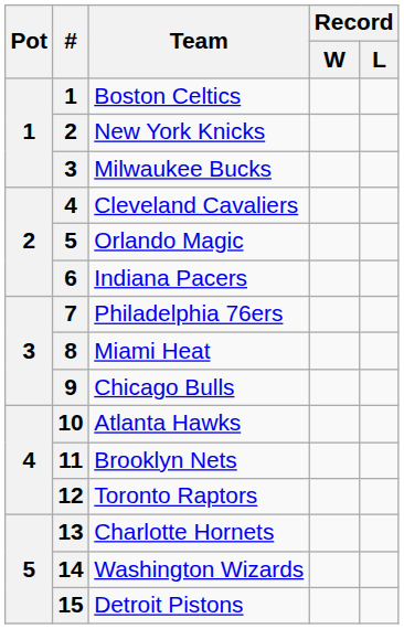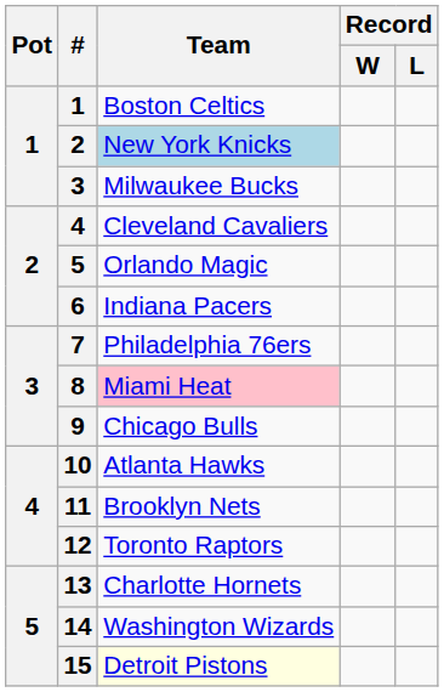 <table class="wikitable">
 <tr>
 <th scope="col" rowspan="2">Pot</th>
 <th rowspan="2" scope="col">#</th>
 <th rowspan="2" scope="col">Team</th>
 <th scope="colgroup" colspan="2">Record</th>
 </tr>
 <tr>
 <th scope="col">W</th>
 <th scope="col">L</th>
 </tr>
 <tr>
 <th rowspan="3">1</th>
 <th>1</th>
 <td scope="row"><a href='#'>Boston Celtics</a></td>
 <td></td>
 <td></td>
 </tr>
 <tr>
 <th>2</th>
-<td scope="row"><a href='#'>New York Knicks</a></td>
+<td scope="row" style="background: lightblue;"><a href='#'>New York Knicks</a></td>
 <td></td>
 <td></td>
 </tr>
 <tr>
 <th>3</th>
 <td scope="row"><a href='#'>Milwaukee Bucks</a></td>
 <td></td>
 <td></td>
 </tr>
 <tr>
 <th rowspan="3">2</th>
 <th>4</th>
 <td scope="row"><a href='#'>Cleveland Cavaliers</a></td>
 <td></td>
 <td></td>
 </tr>
 <tr>
 <th>5</th>
 <td scope="row"><a href='#'>Orlando Magic</a></td>
 <td></td>
 <td></td>
 </tr>
 <tr>
 <th>6</th>
 <td scope="row"><a href='#'>Indiana Pacers</a></td>
 <td></td>
 <td></td>
 </tr>
 <tr>
 <th rowspan="3">3</th>
 <th>7</th>
 <td scope="row"><a href='#'>Philadelphia 76ers</a></td>
 <td></td>
 <td></td>
 </tr>
 <tr>
 <th>8</th>
-<td scope="row"><a href='#'>Miami Heat</a></td>
+<td scope="row" style="background: pink;"><a href='#'>Miami Heat</a></td>
 <td></td>
 <td></td>
 </tr>
 <tr>
 <th>9</th>
 <td scope="row"><a href='#'>Chicago Bulls</a></td>
 <td></td>
 <td></td>
 </tr>
 <tr>
 <th rowspan="3">4</th>
 <th>10</th>
 <td scope="row"><a href='#'>Atlanta Hawks</a></td>
 <td></td>
 <td></td>
 </tr>
 <tr>
 <th>11</th>
 <td scope="row"><a href='#'>Brooklyn Nets</a></td>
 <td></td>
 <td></td>
 </tr>
 <tr>
 <th>12</th>
 <td scope="row"><a href='#'>Toronto Raptors</a></td>
 <td></td>
 <td></td>
 </tr>
 <tr>
 <th rowspan="3">5</th>
 <th>13</th>
 <td scope="row"><a href='#'>Charlotte Hornets</a></td>
 <td></td>
 <td></td>
 </tr>
 <tr>
 <th>14</th>
 <td scope="row"><a href='#'>Washington Wizards</a></td>
 <td></td>
 <td></td>
 </tr>
 <tr>
 <th>15</th>
-<td scope="row"><a href='#'>Detroit Pistons</a></td>
+<td scope="row" style="background: lightyellow;"><a href='#'>Detroit Pistons</a></td>
 <td></td>
 <td></td>
 </tr>
 </table>
